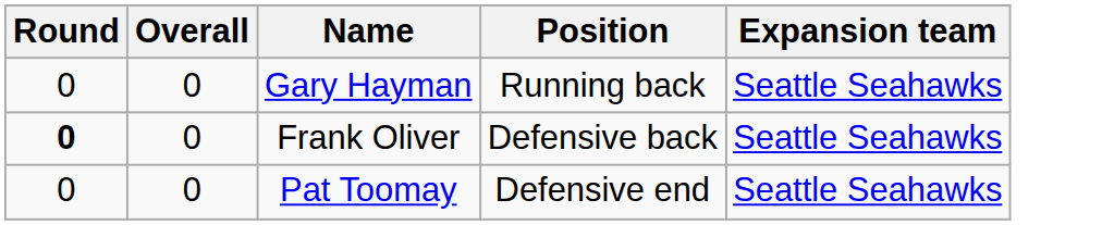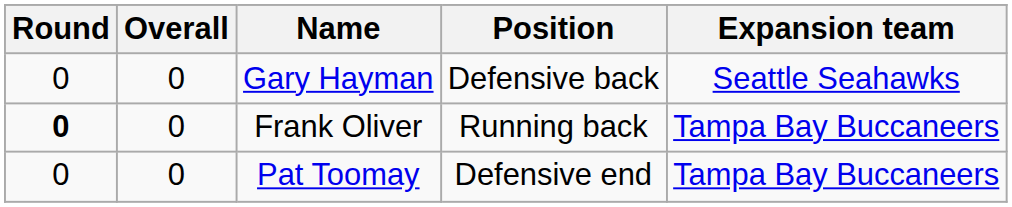 <table class="wikitable" style="text-align:center">
 <tr>
 <th>Round</th>
 <th>Overall</th>
 <th>Name</th>
 <th>Position</th>
 <th>Expansion team</th>
 </tr>
 <tr>
 <td>0</td>
 <td>0</td>
 <td><a href='#'>Gary Hayman</a></td>
-<td>Running back</td>
+<td>Defensive back</td>
 <td><a href='#'>Seattle Seahawks</a></td>
 </tr>
 <tr>
 <td><strong>0</strong></td>
 <td>0</td>
 <td>Frank Oliver</td>
-<td>Defensive back</td>
-<td><a href='#'>Seattle Seahawks</a></td>
+<td>Running back</td>
+<td><a href='#'>Tampa Bay Buccaneers</a></td>
 </tr>
 <tr>
 <td>0</td>
 <td>0</td>
 <td><a href='#'>Pat Toomay</a></td>
 <td>Defensive end</td>
-<td><a href='#'>Seattle Seahawks</a></td>
+<td><a href='#'>Tampa Bay Buccaneers</a></td>
 </tr>
 </table>
